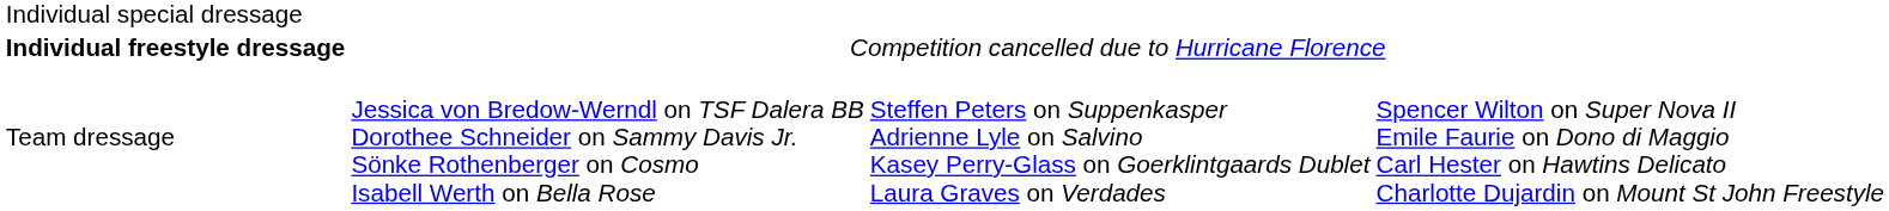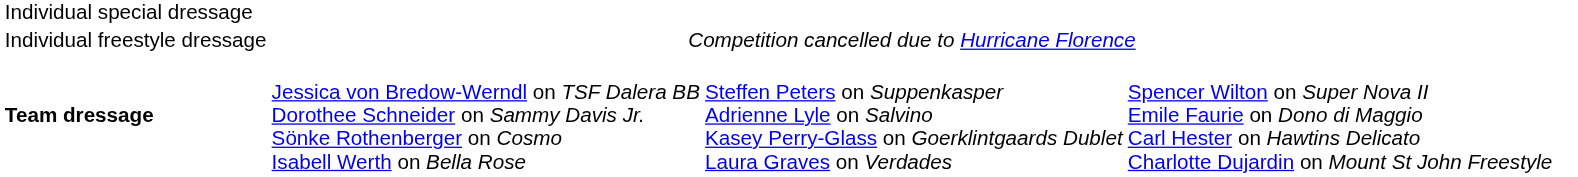 <table>
 <tr>
 <td>Individual special dressage<br></td>
 <td></td>
 <td></td>
 <td></td>
 </tr>
 <tr>
-<td><strong>Individual freestyle dressage<br></strong></td>
+<td>Individual freestyle dressage<br></td>
 <td colspan=3 align=center><em>Competition cancelled due to <a href='#'>Hurricane Florence</a></em></td>
 </tr>
 <tr>
-<td>Team dressage<br></td>
+<td><strong>Team dressage<br></strong></td>
 <td><br><a href='#'>Jessica von Bredow-Werndl</a> on <em>TSF Dalera BB</em><br><a href='#'>Dorothee Schneider</a> on  <em>Sammy Davis Jr.</em><br><a href='#'>Sönke Rothenberger</a> on <em>Cosmo</em><br><a href='#'>Isabell Werth</a> on <em>Bella Rose</em></td>
 <td><br><a href='#'>Steffen Peters</a> on <em>Suppenkasper</em><br><a href='#'>Adrienne Lyle</a> on <em>Salvino</em><br><a href='#'>Kasey Perry-Glass</a> on <em>Goerklintgaards Dublet</em><br><a href='#'>Laura Graves</a> on <em>Verdades</em></td>
 <td><br><a href='#'>Spencer Wilton</a> on <em>Super Nova II</em><br><a href='#'>Emile Faurie</a> on <em>Dono di Maggio</em><br><a href='#'>Carl Hester</a> on <em>Hawtins Delicato</em><br><a href='#'>Charlotte Dujardin</a> on <em>Mount St John Freestyle</em></td>
 </tr>
 </table>
